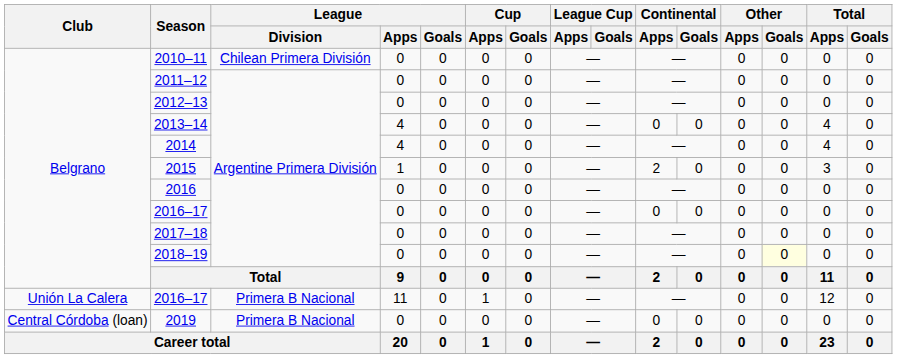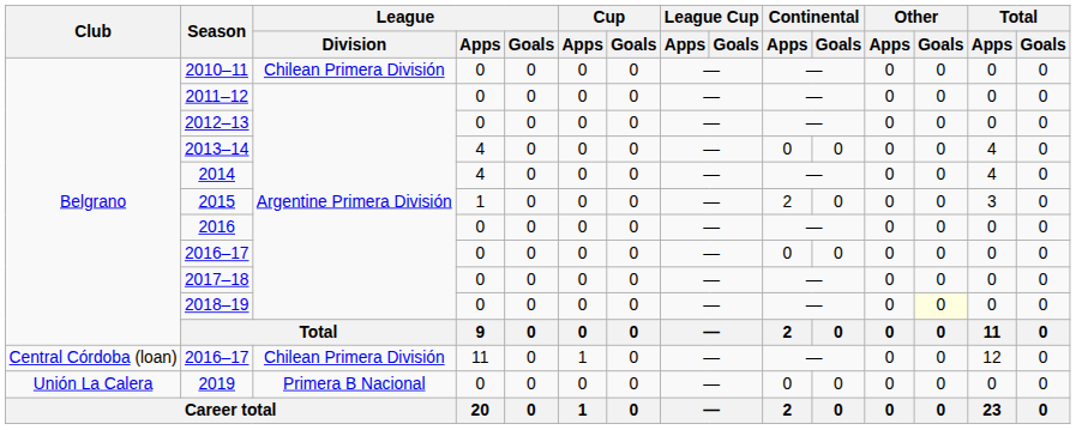 <table class="wikitable" style="text-align:center">
 <tr>
 <th rowspan="2">Club</th>
 <th rowspan="2">Season</th>
 <th colspan="3">League</th>
 <th colspan="2">Cup</th>
 <th colspan="2">League Cup</th>
 <th colspan="2">Continental</th>
 <th colspan="2">Other</th>
 <th colspan="2">Total</th>
 </tr>
 <tr>
 <th>Division</th>
 <th>Apps</th>
 <th>Goals</th>
 <th>Apps</th>
 <th>Goals</th>
 <th>Apps</th>
 <th>Goals</th>
 <th>Apps</th>
 <th>Goals</th>
 <th>Apps</th>
 <th>Goals</th>
 <th>Apps</th>
 <th>Goals</th>
 </tr>
 <tr>
 <td rowspan="11"><a href='#'>Belgrano</a></td>
 <td><a href='#'>2010–11</a></td>
 <td rowspan="1"><a href='#'>Chilean Primera División</a></td>
 <td>0</td>
 <td>0</td>
 <td>0</td>
 <td>0</td>
 <td colspan="2">—</td>
 <td colspan="2">—</td>
 <td>0</td>
 <td>0</td>
 <td>0</td>
 <td>0</td>
 </tr>
 <tr>
 <td><a href='#'>2011–12</a></td>
 <td rowspan="9"><a href='#'>Argentine Primera División</a></td>
 <td>0</td>
 <td>0</td>
 <td>0</td>
 <td>0</td>
 <td colspan="2">—</td>
 <td colspan="2">—</td>
 <td>0</td>
 <td>0</td>
 <td>0</td>
 <td>0</td>
 </tr>
 <tr>
 <td><a href='#'>2012–13</a></td>
 <td>0</td>
 <td>0</td>
 <td>0</td>
 <td>0</td>
 <td colspan="2">—</td>
 <td colspan="2">—</td>
 <td>0</td>
 <td>0</td>
 <td>0</td>
 <td>0</td>
 </tr>
 <tr>
 <td><a href='#'>2013–14</a></td>
 <td>4</td>
 <td>0</td>
 <td>0</td>
 <td>0</td>
 <td colspan="2">—</td>
 <td>0</td>
 <td>0</td>
 <td>0</td>
 <td>0</td>
 <td>4</td>
 <td>0</td>
 </tr>
 <tr>
 <td><a href='#'>2014</a></td>
 <td>4</td>
 <td>0</td>
 <td>0</td>
 <td>0</td>
 <td colspan="2">—</td>
 <td colspan="2">—</td>
 <td>0</td>
 <td>0</td>
 <td>4</td>
 <td>0</td>
 </tr>
 <tr>
 <td><a href='#'>2015</a></td>
 <td>1</td>
 <td>0</td>
 <td>0</td>
 <td>0</td>
 <td colspan="2">—</td>
 <td>2</td>
 <td>0</td>
 <td>0</td>
 <td>0</td>
 <td>3</td>
 <td>0</td>
 </tr>
 <tr>
 <td><a href='#'>2016</a></td>
 <td>0</td>
 <td>0</td>
 <td>0</td>
 <td>0</td>
 <td colspan="2">—</td>
 <td colspan="2">—</td>
 <td>0</td>
 <td>0</td>
 <td>0</td>
 <td>0</td>
 </tr>
 <tr>
 <td><a href='#'>2016–17</a></td>
 <td>0</td>
 <td>0</td>
 <td>0</td>
 <td>0</td>
 <td colspan="2">—</td>
 <td>0</td>
 <td>0</td>
 <td>0</td>
 <td>0</td>
 <td>0</td>
 <td>0</td>
 </tr>
 <tr>
 <td><a href='#'>2017–18</a></td>
 <td>0</td>
 <td>0</td>
 <td>0</td>
 <td>0</td>
 <td colspan="2">—</td>
 <td colspan="2">—</td>
 <td>0</td>
 <td>0</td>
 <td>0</td>
 <td>0</td>
 </tr>
 <tr>
 <td><a href='#'>2018–19</a></td>
 <td>0</td>
 <td>0</td>
 <td>0</td>
 <td>0</td>
 <td colspan="2">—</td>
 <td colspan="2">—</td>
 <td>0</td>
 <td style="background: lightyellow;">0</td>
 <td>0</td>
 <td>0</td>
 </tr>
 <tr>
 <th colspan="2">Total</th>
 <th>9</th>
 <th>0</th>
 <th>0</th>
 <th>0</th>
 <th colspan="2">—</th>
 <th>2</th>
 <th>0</th>
 <th>0</th>
 <th>0</th>
 <th>11</th>
 <th>0</th>
 </tr>
 <tr>
-<td rowspan="1"><a href='#'>Unión La Calera</a></td>
+<td rowspan="1"><a href='#'>Central Córdoba</a> (loan)</td>
 <td><a href='#'>2016–17</a></td>
-<td rowspan="1"><a href='#'>Primera B Nacional</a></td>
+<td rowspan="1"><a href='#'>Chilean Primera División</a></td>
 <td>11</td>
 <td>0</td>
 <td>1</td>
 <td>0</td>
 <td colspan="2">—</td>
 <td colspan="2">—</td>
 <td>0</td>
 <td>0</td>
 <td>12</td>
 <td>0</td>
 </tr>
 <tr>
-<td rowspan="1"><a href='#'>Central Córdoba</a> (loan)</td>
+<td rowspan="1"><a href='#'>Unión La Calera</a></td>
 <td><a href='#'>2019</a></td>
 <td rowspan="1"><a href='#'>Primera B Nacional</a></td>
 <td>0</td>
 <td>0</td>
 <td>0</td>
 <td>0</td>
 <td colspan="2">—</td>
 <td>0</td>
 <td>0</td>
 <td>0</td>
 <td>0</td>
 <td>0</td>
 <td>0</td>
 </tr>
 <tr>
 <th colspan="3">Career total</th>
 <th>20</th>
 <th>0</th>
 <th>1</th>
 <th>0</th>
 <th colspan="2">—</th>
 <th>2</th>
 <th>0</th>
 <th>0</th>
 <th>0</th>
 <th>23</th>
 <th>0</th>
 </tr>
 </table>
